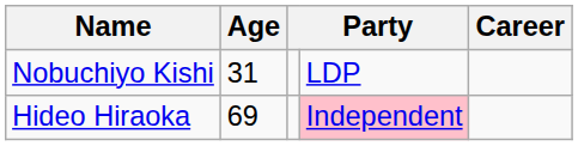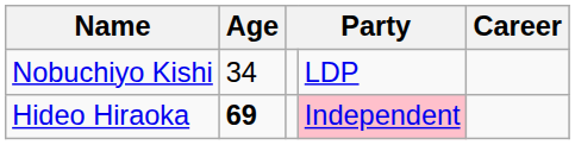 <table class="wikitable">
 <tr style="white-space:nowrap;">
 <th>Name</th>
 <th>Age</th>
 <th colspan=2>Party</th>
 <th>Career</th>
 </tr>
 <tr>
 <td><a href='#'>Nobuchiyo Kishi</a></td>
-<td>31</td>
+<td>34</td>
 <td style="background:"></td>
 <td><a href='#'>LDP</a></td>
 <td></td>
 </tr>
 <tr>
 <td><a href='#'>Hideo Hiraoka</a></td>
-<td>69</td>
+<td><strong>69</strong></td>
 <td style="background:"></td>
 <td style="background: pink;"><a href='#'>Independent</a></td>
 <td></td>
 </tr>
 </table>
